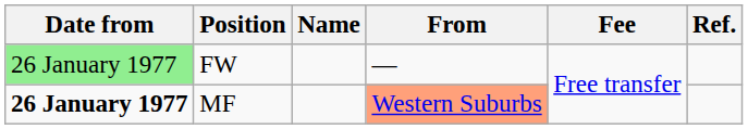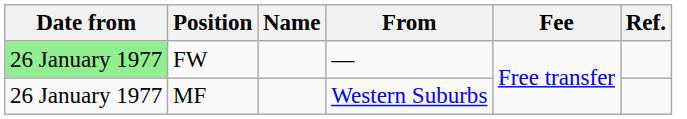 <table class="wikitable">
 <tr>
 <th>Date from</th>
 <th>Position</th>
 <th>Name</th>
 <th>From</th>
 <th>Fee</th>
 <th>Ref.</th>
 </tr>
 <tr>
 <td style="background: lightgreen;">26 January 1977</td>
 <td>FW</td>
 <td> </td>
 <td>—</td>
 <td rowspan="2"><a href='#'>Free transfer</a></td>
 <td></td>
 </tr>
 <tr>
-<td><strong>26 January 1977</strong></td>
+<td>26 January 1977</td>
 <td>MF</td>
 <td></td>
-<td style="background: lightsalmon;"><a href='#'>Western Suburbs</a></td>
+<td><a href='#'>Western Suburbs</a></td>
 <td></td>
 </tr>
 </table>
